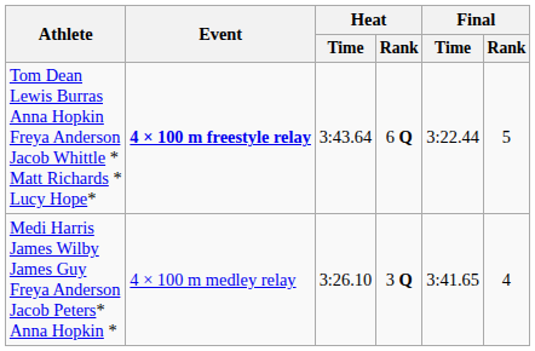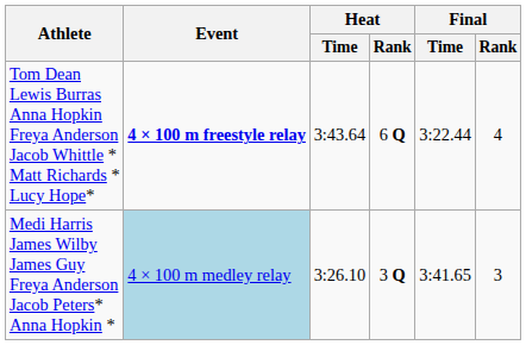 <table class=wikitable style="font-size:90%">
 <tr>
 <th rowspan="2">Athlete</th>
 <th rowspan="2">Event</th>
 <th colspan="2">Heat</th>
 <th colspan="2">Final</th>
 </tr>
 <tr style="font-size:95%">
 <th>Time</th>
 <th>Rank</th>
 <th>Time</th>
 <th>Rank</th>
 </tr>
 <tr style="text-align:center">
 <td style="text-align:left"><a href='#'>Tom Dean</a><br><a href='#'>Lewis Burras</a><br><a href='#'>Anna Hopkin</a> <br><a href='#'>Freya Anderson</a><br><a href='#'>Jacob Whittle</a> *<br><a href='#'>Matt Richards</a> *<br><a href='#'>Lucy Hope</a>*</td>
 <td style="text-align:left"><strong><a href='#'>4 × 100 m freestyle relay</a></strong></td>
 <td>3:43.64</td>
 <td>6 <strong>Q</strong></td>
 <td>3:22.44</td>
-<td>5</td>
+<td>4</td>
 </tr>
 <tr style="text-align:center">
 <td style="text-align:left"><a href='#'>Medi Harris</a> <br><a href='#'>James Wilby</a>  <br><a href='#'>James Guy</a> <br><a href='#'>Freya Anderson</a><br><a href='#'>Jacob Peters</a>*<br><a href='#'>Anna Hopkin</a> *</td>
-<td style="text-align:left"><a href='#'>4 × 100 m medley relay</a></td>
+<td style="background: lightblue; text-align:left"><a href='#'>4 × 100 m medley relay</a></td>
 <td>3:26.10</td>
 <td>3 <strong>Q</strong></td>
 <td>3:41.65</td>
-<td>4</td>
+<td>3</td>
 </tr>
 </table>
